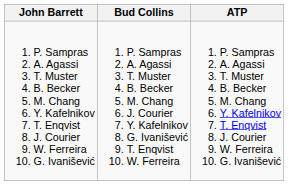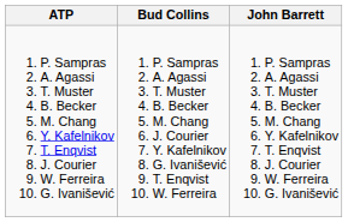 <table class="wikitable">
 <tr>
+<th>ATP</th>
+<th>Bud Collins</th>
 <th>John Barrett</th>
-<th>Bud Collins</th>
-<th>ATP</th>
 </tr>
 <tr style="vertical-align: top;">
+<td style="white-space: nowrap;"><br><ol><li> P. Sampras</li><li> A. Agassi</li><li> T. Muster</li><li> B. Becker</li><li> M. Chang</li><li> <a href='#'>Y. Kafelnikov</a></li><li> <a href='#'>T. Enqvist</a></li><li> J. Courier</li><li> W. Ferreira</li><li> G. Ivanišević</li></ol></td>
+<td style="white-space: nowrap;"><br><ol><li> P. Sampras</li><li> A. Agassi</li><li> T. Muster</li><li> B. Becker</li><li> M. Chang</li><li> J. Courier</li><li> Y. Kafelnikov</li><li> G. Ivanišević</li><li> T. Enqvist</li><li> W. Ferreira</li></ol></td>
 <td style="white-space: nowrap;"><br><ol><li> P. Sampras</li><li> A. Agassi</li><li> T. Muster</li><li> B. Becker</li><li> M. Chang</li><li> Y. Kafelnikov</li><li> T. Enqvist</li><li> J. Courier</li><li> W. Ferreira</li><li> G. Ivanišević</li></ol></td>
-<td style="white-space: nowrap;"><br><ol><li> P. Sampras</li><li> A. Agassi</li><li> T. Muster</li><li> B. Becker</li><li> M. Chang</li><li> J. Courier</li><li> Y. Kafelnikov</li><li> G. Ivanišević</li><li> T. Enqvist</li><li> W. Ferreira</li></ol></td>
-<td style="white-space: nowrap;"><br><ol><li> P. Sampras</li><li> A. Agassi</li><li> T. Muster</li><li> B. Becker</li><li> M. Chang</li><li> <a href='#'>Y. Kafelnikov</a></li><li> <a href='#'>T. Enqvist</a></li><li> J. Courier</li><li> W. Ferreira</li><li> G. Ivanišević</li></ol></td>
 </tr>
 </table>
